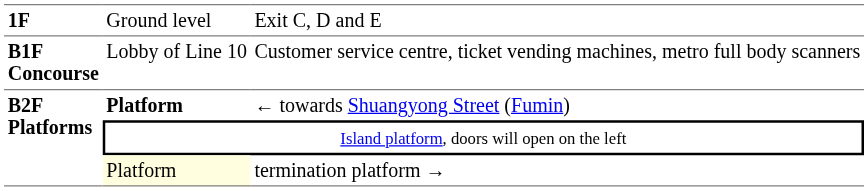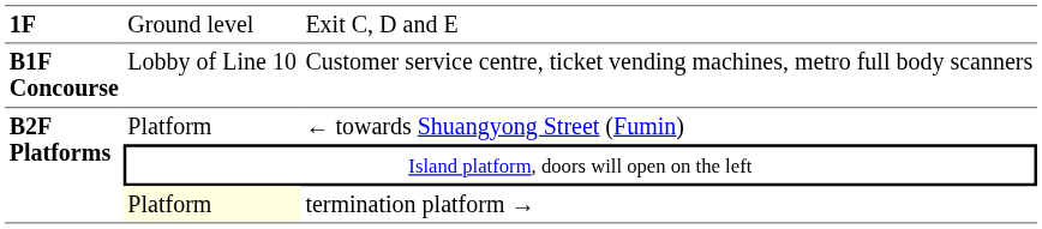 <table cellpadding="3" cellspacing="0" border="0">
 <tr>
 <td style="border-bottom:solid 1px gray;border-top:solid 1px gray;vertical-align:top;"><strong>1F</strong></td>
 <td style="border-bottom:solid 1px gray;border-top:solid 1px gray;vertical-align:top;">Ground level</td>
 <td style="border-bottom:solid 1px gray;border-top:solid 1px gray;vertical-align:top;">Exit C, D and E</td>
 </tr>
 <tr>
 <td style="border-bottom:solid 1px gray;vertical-align:top;"><strong>B1F<br>Concourse</strong></td>
 <td style="border-bottom:solid 1px gray;vertical-align:top;">Lobby of Line 10</td>
 <td style="border-bottom:solid 1px gray;vertical-align:top;">Customer service centre, ticket vending machines, metro full body scanners</td>
 </tr>
 <tr>
 <td rowspan="3" style="border-bottom:solid 1px gray;vertical-align:top;"><strong>B2F<br>Platforms</strong></td>
-<td><strong>Platform</strong></td>
+<td>Platform</td>
 <td><span>←</span>  towards <a href='#'>Shuangyong Street</a> (<a href='#'>Fumin</a>)</td>
 </tr>
 <tr>
 <td colspan="2" style="border-top:solid 2px black;border-right:solid 2px black;border-left:solid 2px black;border-bottom:solid 2px black;text-align:center;"><small><a href='#'>Island platform</a>, doors will open on the left</small></td>
 </tr>
 <tr>
 <td style="background: lightyellow; border-bottom:solid 1px gray;">Platform</td>
 <td style="border-bottom:solid 1px gray;"><span></span> termination platform →</td>
 </tr>
 </table>
